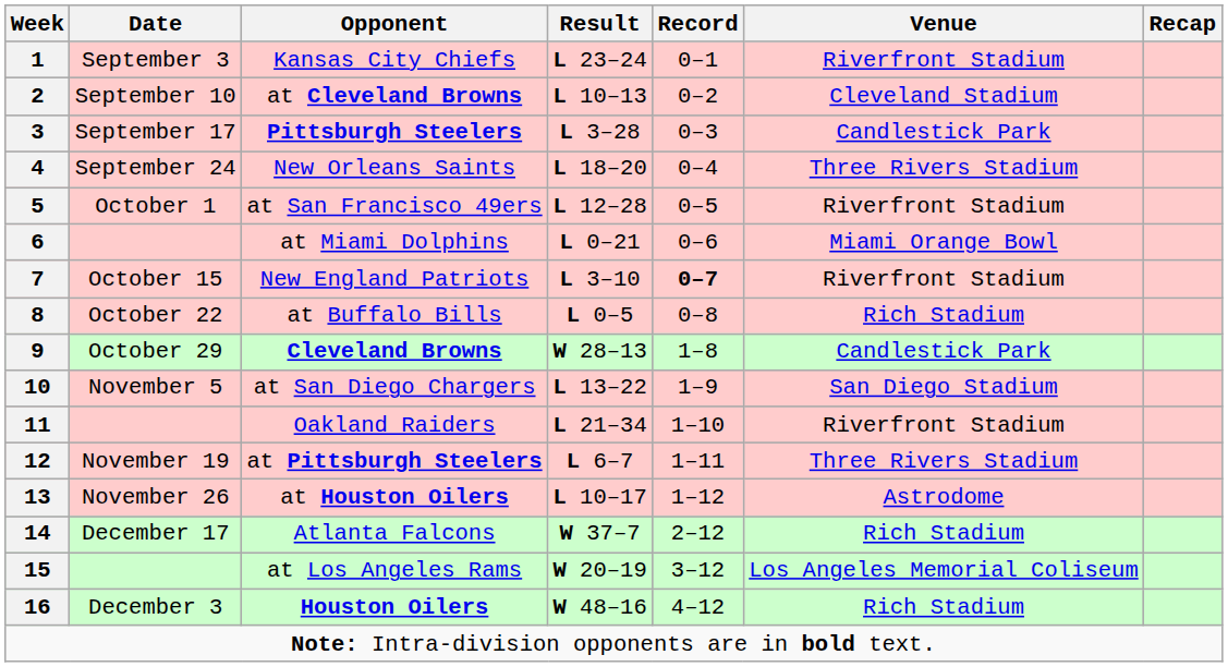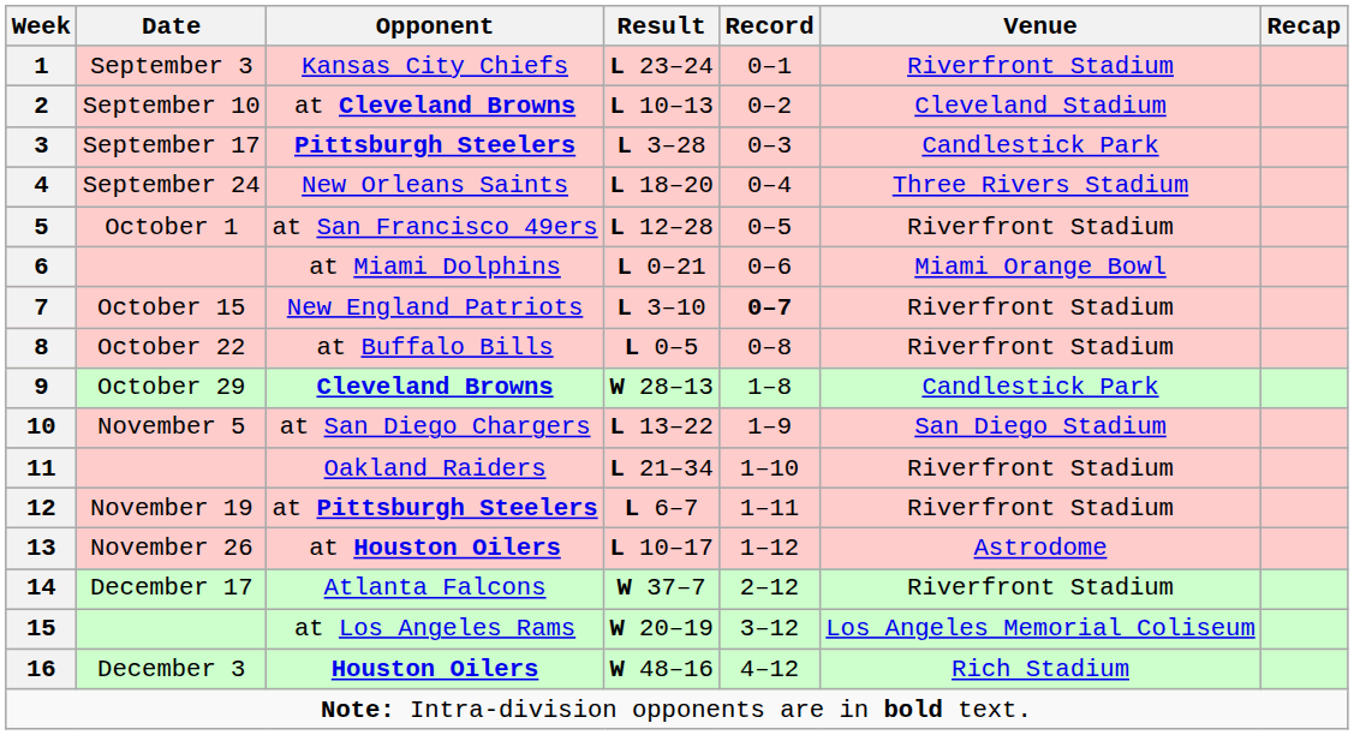 <table class="wikitable" style="text-align:center">
 <tr>
 <th>Week</th>
 <th>Date</th>
 <th>Opponent</th>
 <th>Result</th>
 <th>Record</th>
 <th>Venue</th>
 <th>Recap</th>
 </tr>
 <tr style="background:#fcc">
 <th>1</th>
 <td>September 3</td>
 <td><a href='#'>Kansas City Chiefs</a></td>
 <td><strong>L</strong> 23–24</td>
 <td>0–1</td>
 <td><a href='#'>Riverfront Stadium</a></td>
 <td></td>
 </tr>
 <tr style="background:#fcc">
 <th>2</th>
 <td>September 10</td>
 <td>at <strong><a href='#'>Cleveland Browns</a></strong></td>
 <td><strong>L</strong> 10–13 </td>
 <td>0–2</td>
 <td><a href='#'>Cleveland Stadium</a></td>
 <td></td>
 </tr>
 <tr style="background:#fcc">
 <th>3</th>
 <td>September 17</td>
 <td><strong><a href='#'>Pittsburgh Steelers</a></strong></td>
 <td><strong>L</strong> 3–28</td>
 <td>0–3</td>
 <td><a href='#'>Candlestick Park</a></td>
 <td></td>
 </tr>
 <tr style="background:#fcc">
 <th>4</th>
 <td>September 24</td>
 <td><a href='#'>New Orleans Saints</a></td>
 <td><strong>L</strong> 18–20</td>
 <td>0–4</td>
 <td><a href='#'>Three Rivers Stadium</a></td>
 <td></td>
 </tr>
 <tr style="background:#fcc">
 <th>5</th>
 <td>October 1</td>
 <td>at <a href='#'>San Francisco 49ers</a></td>
 <td><strong>L</strong> 12–28</td>
 <td>0–5</td>
 <td>Riverfront Stadium</td>
 <td></td>
 </tr>
 <tr style="background:#fcc">
 <th>6</th>
 <td></td>
 <td>at <a href='#'>Miami Dolphins</a></td>
 <td><strong>L</strong>  0–21</td>
 <td>0–6</td>
 <td><a href='#'>Miami Orange Bowl</a></td>
 <td></td>
 </tr>
 <tr style="background:#fcc">
 <th>7</th>
 <td>October 15</td>
 <td><a href='#'>New England Patriots</a></td>
 <td><strong>L</strong> 3–10</td>
 <td><strong>0–7</strong></td>
 <td>Riverfront Stadium</td>
 <td></td>
 </tr>
 <tr style="background:#fcc">
 <th>8</th>
 <td>October 22</td>
 <td>at <a href='#'>Buffalo Bills</a></td>
 <td><strong>L</strong>  0–5</td>
 <td>0–8</td>
-<td><a href='#'>Rich Stadium</a></td>
+<td>Riverfront Stadium</td>
 <td></td>
 </tr>
 <tr style="background:#cfc">
 <th>9</th>
 <td>October 29</td>
 <td><strong><a href='#'>Cleveland Browns</a></strong></td>
 <td><strong>W</strong>  28–13</td>
 <td>1–8</td>
 <td><a href='#'>Candlestick Park</a></td>
 <td></td>
 </tr>
 <tr style="background:#fcc">
 <th>10</th>
 <td>November 5</td>
 <td>at <a href='#'>San Diego Chargers</a></td>
 <td><strong>L</strong> 13–22</td>
 <td>1–9</td>
 <td><a href='#'>San Diego Stadium</a></td>
 <td></td>
 </tr>
 <tr style="background:#fcc">
 <th>11</th>
 <td></td>
 <td><a href='#'>Oakland Raiders</a></td>
 <td><strong>L</strong> 21–34</td>
 <td>1–10</td>
 <td>Riverfront Stadium</td>
 <td></td>
 </tr>
 <tr style="background:#fcc">
 <th>12</th>
 <td>November 19</td>
 <td>at <strong><a href='#'>Pittsburgh Steelers</a></strong></td>
 <td><strong>L</strong> 6–7</td>
 <td>1–11</td>
-<td><a href='#'>Three Rivers Stadium</a></td>
+<td>Riverfront Stadium</td>
 <td></td>
 </tr>
 <tr style="background:#fcc">
 <th>13</th>
 <td>November 26</td>
 <td>at <strong><a href='#'>Houston Oilers</a></strong></td>
 <td><strong>L</strong> 10–17</td>
 <td>1–12</td>
 <td><a href='#'>Astrodome</a></td>
 <td></td>
 </tr>
 <tr style="background:#cfc">
 <th>14</th>
 <td>December 17</td>
 <td><a href='#'>Atlanta Falcons</a></td>
 <td><strong>W</strong> 37–7</td>
 <td>2–12</td>
-<td><a href='#'>Rich Stadium</a></td>
+<td>Riverfront Stadium</td>
 <td></td>
 </tr>
 <tr style="background:#cfc">
 <th>15</th>
 <td></td>
 <td>at <a href='#'>Los Angeles Rams</a></td>
 <td><strong>W</strong> 20–19</td>
 <td>3–12</td>
 <td><a href='#'>Los Angeles Memorial Coliseum</a></td>
 <td></td>
 </tr>
 <tr style="background:#cfc">
 <th>16</th>
 <td>December 3</td>
 <td><strong><a href='#'>Houston Oilers</a></strong></td>
 <td><strong>W</strong> 48–16</td>
 <td>4–12</td>
 <td><a href='#'>Rich Stadium</a></td>
 <td></td>
 </tr>
 <tr>
 <td colspan="8"><strong>Note:</strong> Intra-division opponents are in <strong>bold</strong> text.</td>
 </tr>
 </table>
